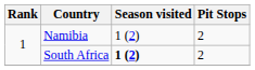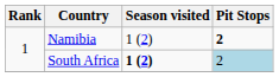 <table class="wikitable">
 <tr>
 <th>Rank</th>
 <th>Country</th>
 <th>Season visited</th>
 <th>Pit Stops</th>
 </tr>
 <tr>
 <td style="text-align:center;" rowspan="2">1</td>
 <td><a href='#'>Namibia</a></td>
 <td>1 (<a href='#'>2</a>)</td>
-<td>2</td>
+<td><strong>2</strong></td>
 </tr>
 <tr>
 <td><a href='#'>South Africa</a></td>
 <td><strong>1 (<a href='#'>2</a>)</strong></td>
-<td>2</td>
+<td style="background: lightblue;">2</td>
 </tr>
 <tr>
 </tr>
 </table>
